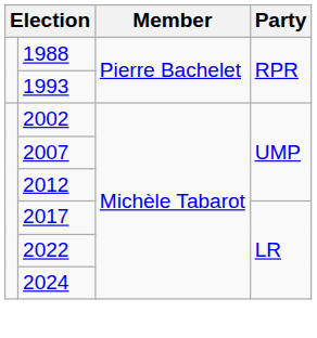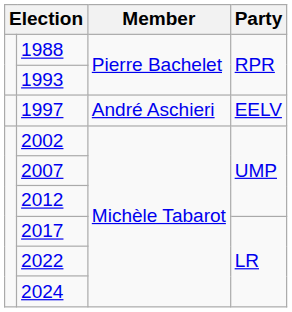 <table class="wikitable">
 <tr>
 <th colspan="2">Election</th>
 <th>Member</th>
 <th>Party</th>
 </tr>
 <tr>
 <td rowspan=2 style="background-color: "></td>
 <td><a href='#'>1988</a></td>
 <td rowspan=2><a href='#'>Pierre Bachelet</a></td>
 <td rowspan=2><a href='#'>RPR</a></td>
 </tr>
 <tr>
 <td><a href='#'>1993</a></td>
+</tr>
+<tr>
+<td style="color:inherit;background-color: "></td>
+<td><a href='#'>1997</a></td>
+<td><a href='#'>André Aschieri</a></td>
+<td><a href='#'>EELV</a></td>
 </tr>
 <tr>
 <td rowspan="6" style="background-color: "></td>
 <td><a href='#'>2002</a></td>
 <td rowspan="6"><a href='#'>Michèle Tabarot</a></td>
 <td rowspan="3"><a href='#'>UMP</a></td>
 </tr>
 <tr>
 <td><a href='#'>2007</a></td>
 </tr>
 <tr>
 <td><a href='#'>2012</a></td>
 </tr>
 <tr>
 <td><a href='#'>2017</a></td>
 <td rowspan="3"><a href='#'>LR</a></td>
 </tr>
 <tr>
 <td><a href='#'>2022</a></td>
 </tr>
 <tr>
 <td><a href='#'>2024</a></td>
 </tr>
 </table>
